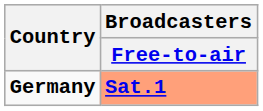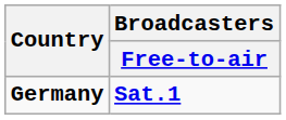 <table class="wikitable">
 <tr>
 <th rowspan="2">Country</th>
 <th colspan="2">Broadcasters</th>
 </tr>
 <tr>
 <th><a href='#'>Free-to-air</a></th>
 </tr>
 <tr>
 <td><strong>Germany</strong></td>
-<td style="background: lightsalmon;"><strong><a href='#'>Sat.1</a></strong></td>
+<td><strong><a href='#'>Sat.1</a></strong></td>
 </tr>
 </table>
